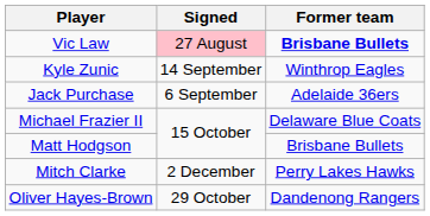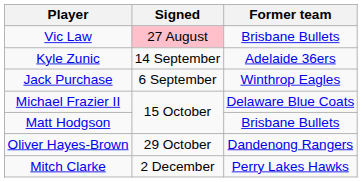 <table class="wikitable sortable sortable" style="text-align: center">
 <tr>
 <th>Player</th>
 <th>Signed</th>
 <th>Former team</th>
 </tr>
 <tr>
 <td><a href='#'>Vic Law</a></td>
 <td style="background: pink;">27 August</td>
-<td><strong><a href='#'>Brisbane Bullets</a></strong></td>
+<td><a href='#'>Brisbane Bullets</a></td>
 </tr>
 <tr>
 <td><a href='#'>Kyle Zunic</a></td>
 <td>14 September</td>
-<td><a href='#'>Winthrop Eagles</a></td>
+<td><a href='#'>Adelaide 36ers</a></td>
 </tr>
 <tr>
 <td><a href='#'>Jack Purchase</a></td>
 <td>6 September</td>
-<td><a href='#'>Adelaide 36ers</a></td>
+<td><a href='#'>Winthrop Eagles</a></td>
 </tr>
 <tr>
 <td><a href='#'>Michael Frazier II</a></td>
 <td rowspan="2">15 October</td>
 <td><a href='#'>Delaware Blue Coats</a></td>
 </tr>
 <tr>
 <td><a href='#'>Matt Hodgson</a></td>
 <td><a href='#'>Brisbane Bullets</a></td>
 </tr>
 <tr>
+<td><a href='#'>Oliver Hayes-Brown</a></td>
+<td>29 October</td>
+<td><a href='#'>Dandenong Rangers</a></td>
+</tr>
+<tr>
 <td><a href='#'>Mitch Clarke</a></td>
 <td>2 December</td>
 <td><a href='#'>Perry Lakes Hawks</a></td>
 </tr>
-<tr>
-<td><a href='#'>Oliver Hayes-Brown</a></td>
-<td>29 October</td>
-<td><a href='#'>Dandenong Rangers</a></td>
-</tr>
 </table>
